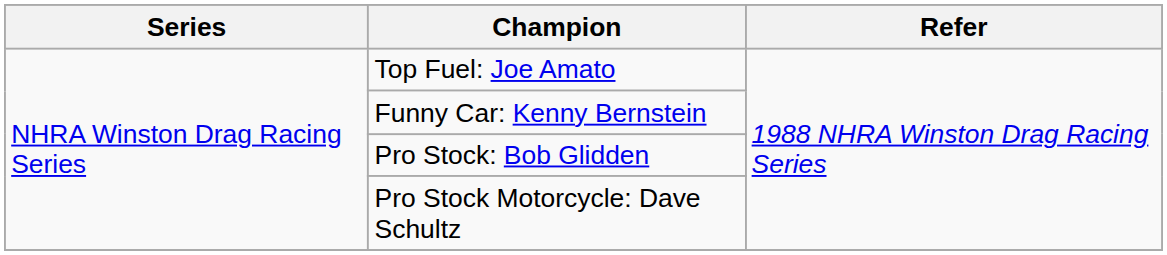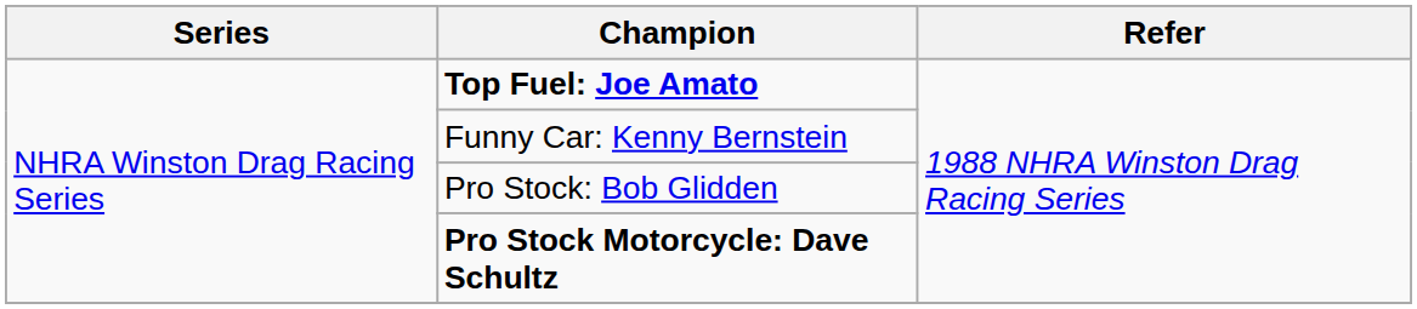 <table class="wikitable" style="font-size:87%;">
 <tr>
 <th>Series</th>
 <th>Champion</th>
 <th>Refer</th>
 </tr>
 <tr>
 <td rowspan=4><a href='#'>NHRA Winston Drag Racing Series</a></td>
-<td>Top Fuel:  <a href='#'>Joe Amato</a></td>
+<td><strong>Top Fuel:  <a href='#'>Joe Amato</a></strong></td>
 <td rowspan=4><em><a href='#'>1988 NHRA Winston Drag Racing Series</a></em></td>
 </tr>
 <tr>
 <td>Funny Car:  <a href='#'>Kenny Bernstein</a></td>
 </tr>
 <tr>
 <td>Pro Stock:  <a href='#'>Bob Glidden</a></td>
 </tr>
 <tr>
-<td>Pro Stock Motorcycle:  Dave Schultz</td>
+<td><strong>Pro Stock Motorcycle:  Dave Schultz</strong></td>
 </tr>
 <tr>
 </tr>
 </table>
